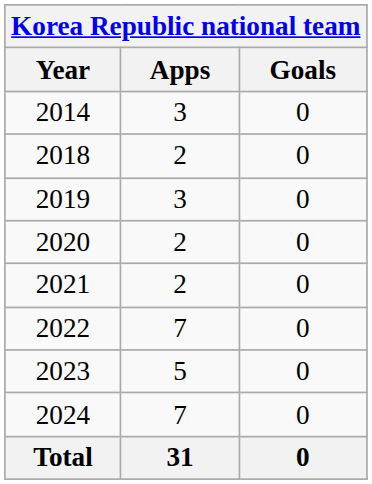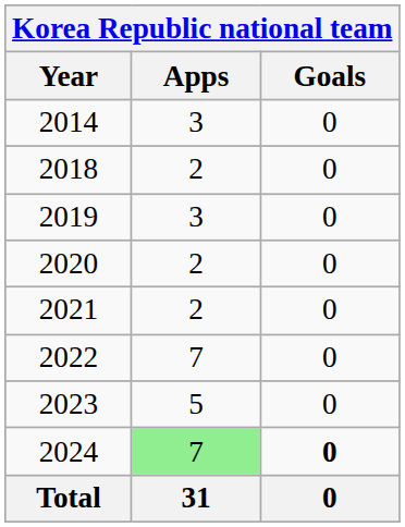 <table class="wikitable" style="text-align:center">
 <tr>
 <th colspan=3><a href='#'>Korea Republic national team</a></th>
 </tr>
 <tr>
 <th>Year</th>
 <th>Apps</th>
 <th>Goals</th>
 </tr>
 <tr>
 <td>2014</td>
 <td>3</td>
 <td>0</td>
 </tr>
 <tr>
 <td>2018</td>
 <td>2</td>
 <td>0</td>
 </tr>
 <tr>
 <td>2019</td>
 <td>3</td>
 <td>0</td>
 </tr>
 <tr>
 <td>2020</td>
 <td>2</td>
 <td>0</td>
 </tr>
 <tr>
 <td>2021</td>
 <td>2</td>
 <td>0</td>
 </tr>
 <tr>
 <td>2022</td>
 <td>7</td>
 <td>0</td>
 </tr>
 <tr>
 <td>2023</td>
 <td>5</td>
 <td>0</td>
 </tr>
 <tr>
 <td>2024</td>
-<td>7</td>
-<td>0</td>
+<td style="background: lightgreen;">7</td>
+<td><strong>0</strong></td>
 </tr>
 <tr>
 <th>Total</th>
 <th>31</th>
 <th>0</th>
 </tr>
 </table>
